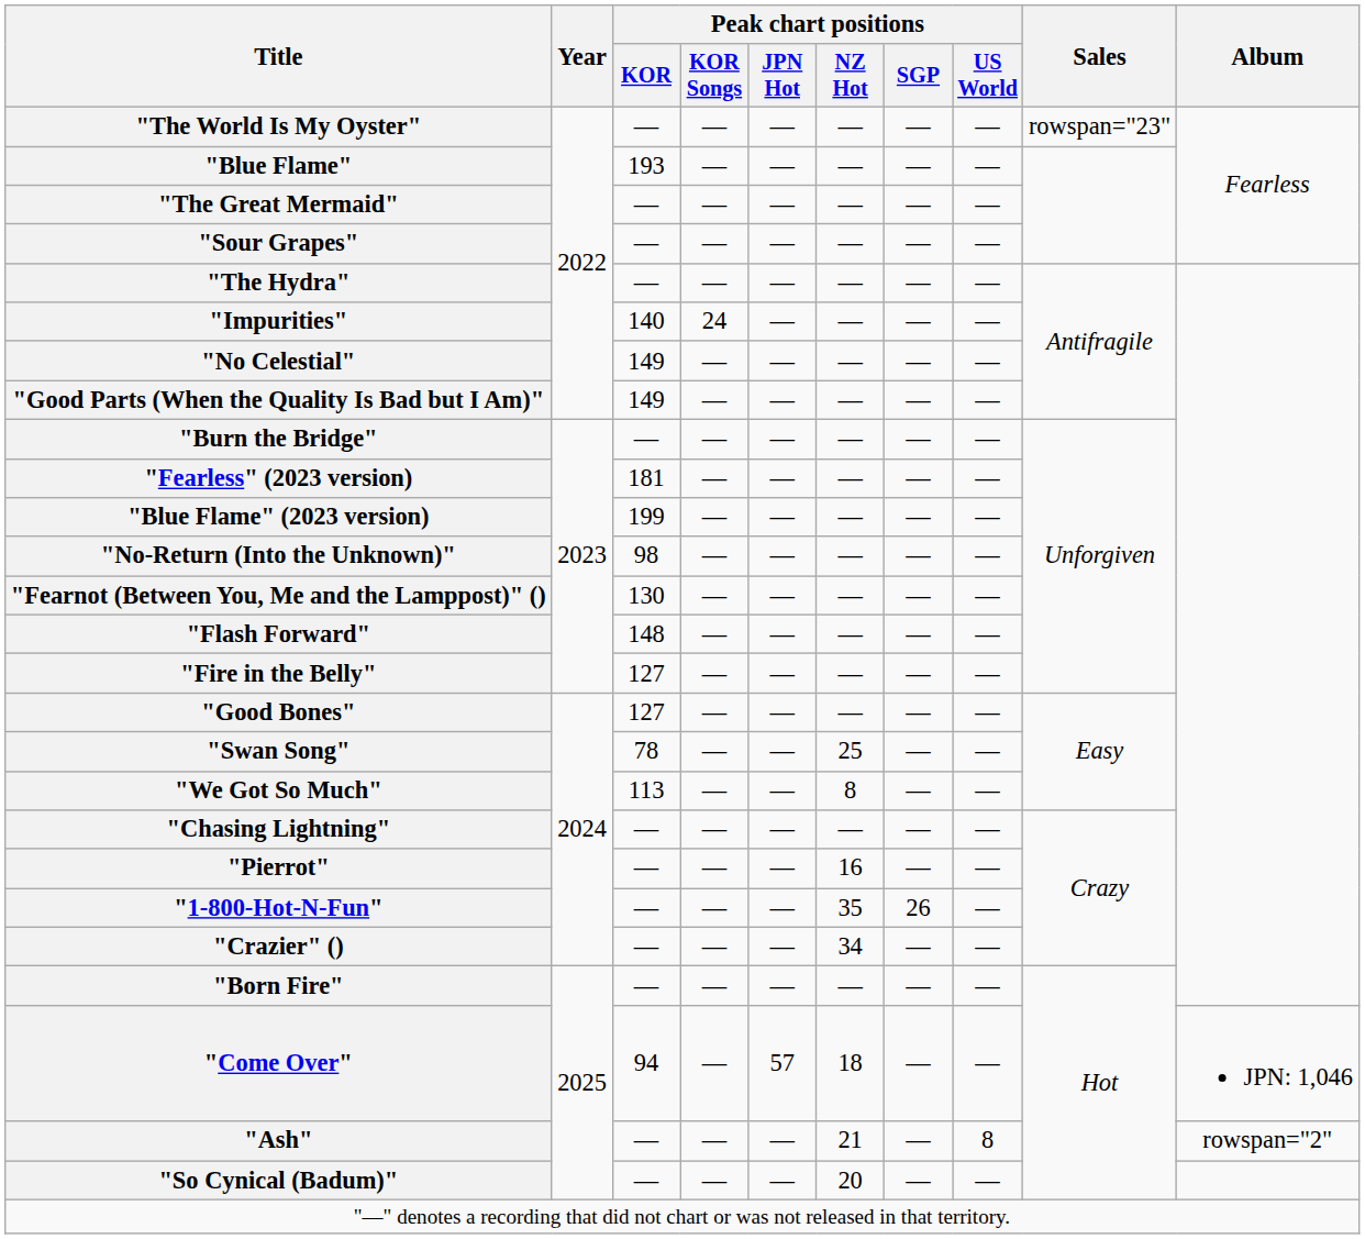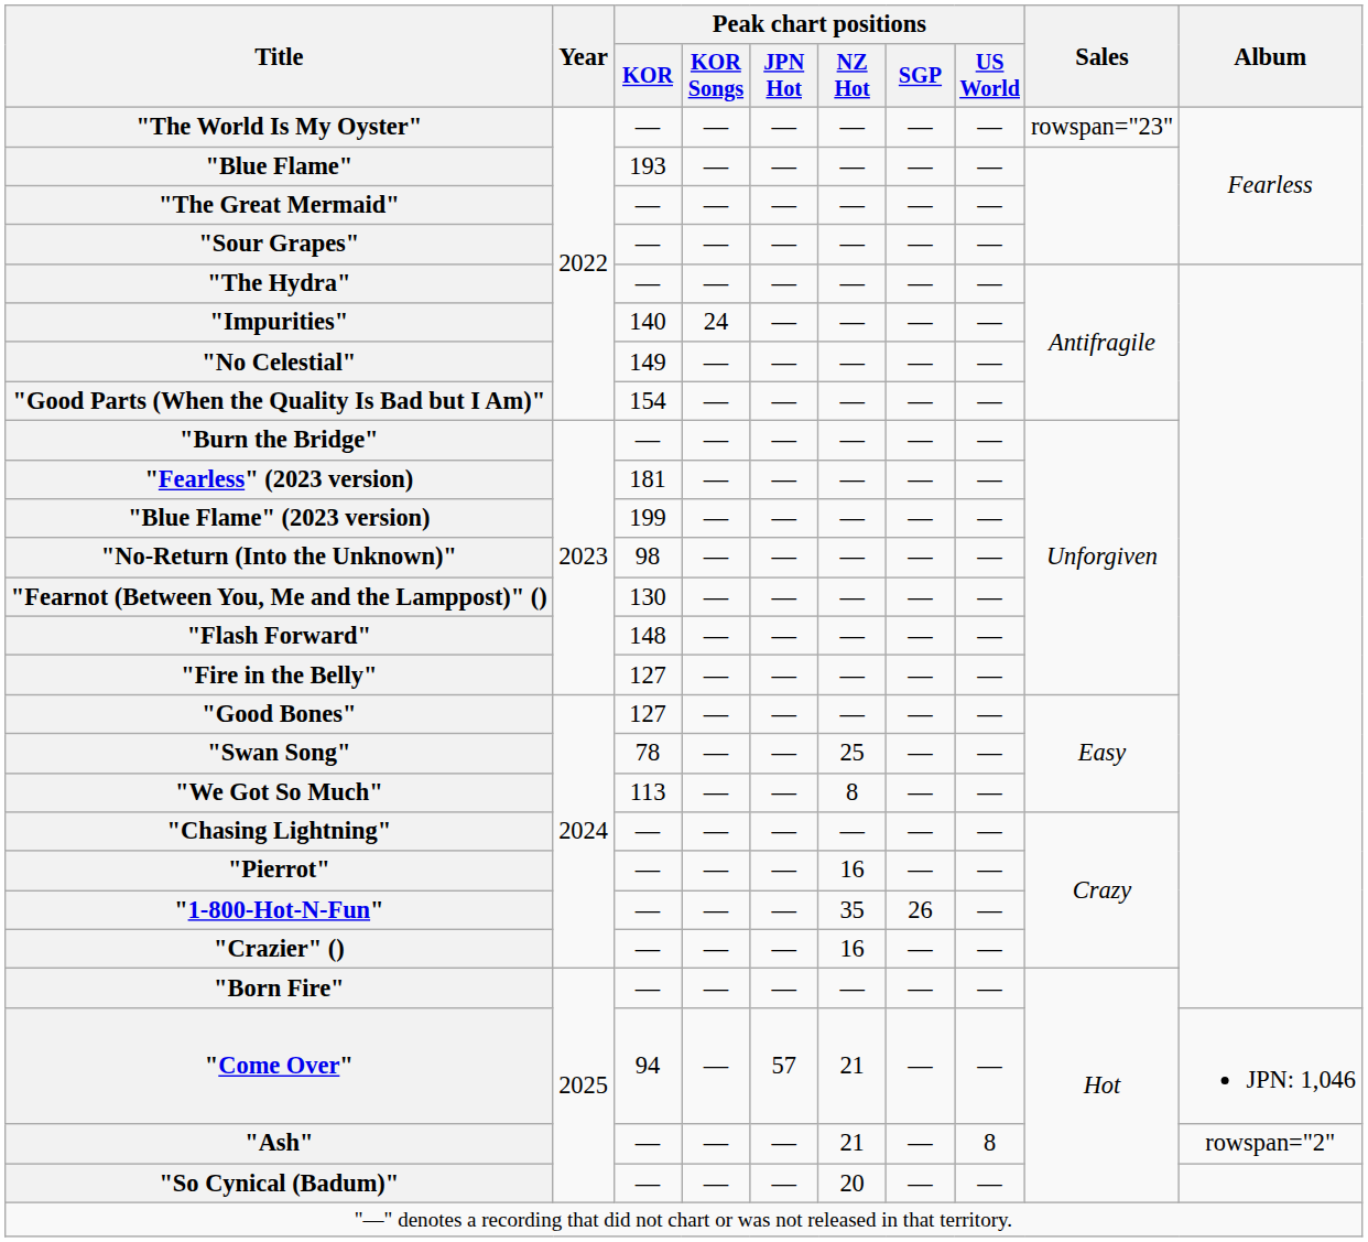 <table class="wikitable plainrowheaders" style="text-align:center">
 <tr>
 <th scope="col" rowspan="2">Title</th>
 <th scope="col" rowspan="2">Year</th>
 <th scope="col" colspan="6">Peak chart positions</th>
 <th scope="col" rowspan="2">Sales</th>
 <th scope="col" rowspan="2">Album</th>
 </tr>
 <tr>
 <th scope="col" style="font-size:90%; width:2.6em"><a href='#'>KOR</a><br></th>
 <th scope="col" style="font-size:90%; width:2.6em"><a href='#'>KOR<br>Songs</a><br></th>
 <th scope="col" style="font-size:90%; width:2.6em"><a href='#'>JPN<br>Hot</a><br></th>
 <th scope="col" style="font-size:90%; width:2.6em"><a href='#'>NZ<br>Hot</a><br></th>
 <th scope="col" style="font-size:90%; width:2.6em"><a href='#'>SGP</a><br></th>
 <th scope="col" style="font-size:90%; width:2.6em"><a href='#'>US<br>World</a><br></th>
 </tr>
 <tr>
 <th scope="row">"The World Is My Oyster"</th>
 <td rowspan="8">2022</td>
 <td>—</td>
 <td>—</td>
 <td>—</td>
 <td>—</td>
 <td>—</td>
 <td>—</td>
 <td>rowspan="23" </td>
 <td rowspan="4"><em>Fearless</em></td>
 </tr>
 <tr>
 <th scope="row">"Blue Flame"</th>
 <td>193</td>
 <td>—</td>
 <td>—</td>
 <td>—</td>
 <td>—</td>
 <td>—</td>
 </tr>
 <tr>
 <th scope="row">"The Great Mermaid"</th>
 <td>—</td>
 <td>—</td>
 <td>—</td>
 <td>—</td>
 <td>—</td>
 <td>—</td>
 </tr>
 <tr>
 <th scope="row">"Sour Grapes"</th>
 <td>—</td>
 <td>—</td>
 <td>—</td>
 <td>—</td>
 <td>—</td>
 <td>—</td>
 </tr>
 <tr>
 <th scope="row">"The Hydra"</th>
 <td>—</td>
 <td>—</td>
 <td>—</td>
 <td>—</td>
 <td>—</td>
 <td>—</td>
 <td rowspan="4"><em>Antifragile</em></td>
 </tr>
 <tr>
 <th scope="row">"Impurities"</th>
 <td>140</td>
 <td>24</td>
 <td>—</td>
 <td>—</td>
 <td>—</td>
 <td>—</td>
 </tr>
 <tr>
 <th scope="row">"No Celestial"</th>
 <td>149</td>
 <td>—</td>
 <td>—</td>
 <td>—</td>
 <td>—</td>
 <td>—</td>
 </tr>
 <tr>
 <th scope="row">"Good Parts (When the Quality Is Bad but I Am)"</th>
-<td>149</td>
+<td>154</td>
 <td>—</td>
 <td>—</td>
 <td>—</td>
 <td>—</td>
 <td>—</td>
 </tr>
 <tr>
 <th scope="row">"Burn the Bridge"</th>
 <td rowspan="7">2023</td>
 <td>—</td>
 <td>—</td>
 <td>—</td>
 <td>—</td>
 <td>—</td>
 <td>—</td>
 <td rowspan="7"><em>Unforgiven</em></td>
 </tr>
 <tr>
 <th scope="row">"<a href='#'>Fearless</a>" (2023 version)</th>
 <td>181</td>
 <td>—</td>
 <td>—</td>
 <td>—</td>
 <td>—</td>
 <td>—</td>
 </tr>
 <tr>
 <th scope="row">"Blue Flame" (2023 version)</th>
 <td>199</td>
 <td>—</td>
 <td>—</td>
 <td>—</td>
 <td>—</td>
 <td>—</td>
 </tr>
 <tr>
 <th scope="row">"No-Return (Into the Unknown)"</th>
 <td>98</td>
 <td>—</td>
 <td>—</td>
 <td>—</td>
 <td>—</td>
 <td>—</td>
 </tr>
 <tr>
 <th scope="row">"Fearnot (Between You, Me and the Lamppost)" ()</th>
 <td>130</td>
 <td>—</td>
 <td>—</td>
 <td>—</td>
 <td>—</td>
 <td>—</td>
 </tr>
 <tr>
 <th scope="row">"Flash Forward"</th>
 <td>148</td>
 <td>—</td>
 <td>—</td>
 <td>—</td>
 <td>—</td>
 <td>—</td>
 </tr>
 <tr>
 <th scope="row">"Fire in the Belly"</th>
 <td>127</td>
 <td>—</td>
 <td>—</td>
 <td>—</td>
 <td>—</td>
 <td>—</td>
 </tr>
 <tr>
 <th scope="row">"Good Bones"</th>
 <td rowspan="7">2024</td>
 <td>127</td>
 <td>—</td>
 <td>—</td>
 <td>—</td>
 <td>—</td>
 <td>—</td>
 <td rowspan="3"><em>Easy</em></td>
 </tr>
 <tr>
 <th scope="row">"Swan Song"</th>
 <td>78</td>
 <td>—</td>
 <td>—</td>
 <td>25</td>
 <td>—</td>
 <td>—</td>
 </tr>
 <tr>
 <th scope="row">"We Got So Much"</th>
 <td>113</td>
 <td>—</td>
 <td>—</td>
 <td>8</td>
 <td>—</td>
 <td>—</td>
 </tr>
 <tr>
 <th scope="row">"Chasing Lightning"</th>
 <td>—</td>
 <td>—</td>
 <td>—</td>
 <td>—</td>
 <td>—</td>
 <td>—</td>
 <td rowspan="4"><em>Crazy</em></td>
 </tr>
 <tr>
 <th scope="row">"Pierrot"</th>
 <td>—</td>
 <td>—</td>
 <td>—</td>
 <td>16</td>
 <td>—</td>
 <td>—</td>
 </tr>
 <tr>
 <th scope="row">"<a href='#'>1-800-Hot-N-Fun</a>"</th>
 <td>—</td>
 <td>—</td>
 <td>—</td>
 <td>35</td>
 <td>26</td>
 <td>—</td>
 </tr>
 <tr>
 <th scope="row">"Crazier" ()</th>
 <td>—</td>
 <td>—</td>
 <td>—</td>
-<td>34</td>
+<td>16</td>
 <td>—</td>
 <td>—</td>
 </tr>
 <tr>
 <th scope="row">"Born Fire"</th>
 <td rowspan="4">2025</td>
 <td>—</td>
 <td>—</td>
 <td>—</td>
 <td>—</td>
 <td>—</td>
 <td>—</td>
 <td rowspan="4"><em>Hot</em></td>
 </tr>
 <tr>
 <th scope="row">"<a href='#'>Come Over</a>"</th>
 <td>94</td>
 <td>—</td>
 <td>57</td>
-<td>18</td>
+<td>21</td>
 <td>—</td>
 <td>—</td>
 <td><br><ul><li>JPN: 1,046 </li></ul></td>
 </tr>
 <tr>
 <th scope="row">"Ash"</th>
 <td>—</td>
 <td>—</td>
 <td>—</td>
 <td>21</td>
 <td>—</td>
 <td>8</td>
 <td>rowspan="2" </td>
 </tr>
 <tr>
 <th scope="row">"So Cynical (Badum)"</th>
 <td>—</td>
 <td>—</td>
 <td>—</td>
 <td>20</td>
 <td>—</td>
 <td>—</td>
 </tr>
 <tr>
 <td colspan="10" style="font-size:85%">"—" denotes a recording that did not chart or was not released in that territory.</td>
 </tr>
 </table>
